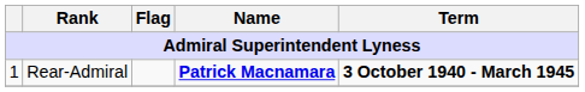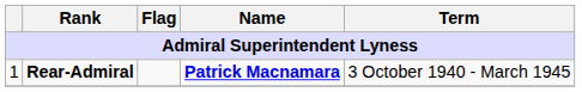 <table class="wikitable">
 <tr>
 <th></th>
 <th>Rank</th>
 <th>Flag</th>
 <th>Name</th>
 <th>Term</th>
 </tr>
 <tr>
 <td colspan="5" align="center" style="background:#dcdcfe;"><strong>Admiral Superintendent Lyness</strong></td>
 </tr>
 <tr>
 <td>1</td>
-<td>Rear-Admiral</td>
+<td><strong>Rear-Admiral</strong></td>
 <td></td>
 <td><strong><a href='#'>Patrick Macnamara</a></strong></td>
-<td><strong>3 October 1940 - March 1945</strong></td>
+<td>3 October 1940 - March 1945</td>
 </tr>
 <tr>
 </tr>
 </table>
